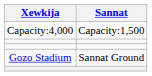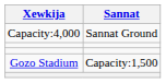 <table class=wikitable style="text-align:center; margin:1em auto;">
 <tr>
 <th><a href='#'>Xewkija</a></th>
 <th><a href='#'>Sannat</a></th>
 </tr>
 <tr>
 <td>Capacity:4,000</td>
-<td>Capacity:1,500</td>
+<td>Sannat Ground</td>
 </tr>
 <tr>
 <td></td>
 <td></td>
 </tr>
 <tr>
 <td><small></small></td>
 <td><small></small></td>
 </tr>
 <tr>
 <td><a href='#'>Gozo Stadium</a></td>
-<td>Sannat Ground</td>
+<td>Capacity:1,500</td>
 </tr>
 <tr>
 <th rowspan=15 colspan=2></th>
 </tr>
 </table>
